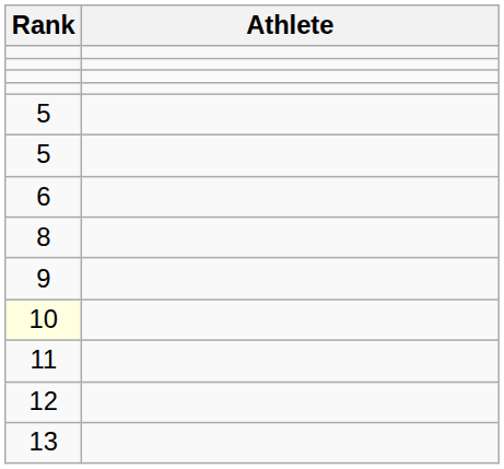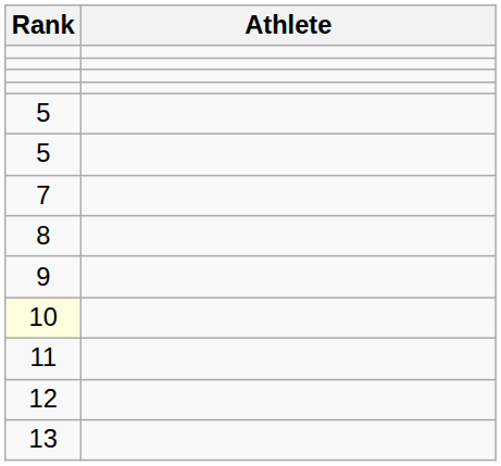 <table class="wikitable" style="text-align: center;">
 <tr>
 <th width=40>Rank</th>
 <th width=250>Athlete</th>
 </tr>
 <tr>
 <td></td>
 <td align=left></td>
 </tr>
 <tr>
 <td></td>
 <td align=left></td>
 </tr>
 <tr>
 <td></td>
 <td align=left></td>
 </tr>
 <tr>
 <td></td>
 <td align=left></td>
 </tr>
 <tr>
 <td>5</td>
 <td align=left></td>
 </tr>
 <tr>
 <td>5</td>
 <td align=left></td>
 </tr>
 <tr>
-<td>6</td>
+<td>7</td>
 <td align=left></td>
 </tr>
 <tr>
 <td>8</td>
 <td align=left></td>
 </tr>
 <tr>
 <td>9</td>
 <td align=left></td>
 </tr>
 <tr>
 <td style="background: lightyellow;">10</td>
 <td align=left></td>
 </tr>
 <tr>
 <td>11</td>
 <td align=left></td>
 </tr>
 <tr>
 <td>12</td>
 <td align=left></td>
 </tr>
 <tr>
 <td>13</td>
 <td align=left></td>
 </tr>
 </table>
